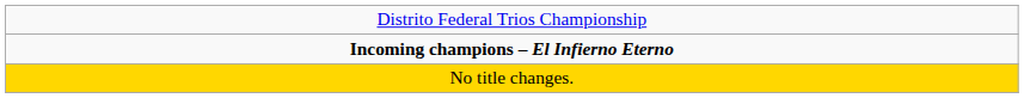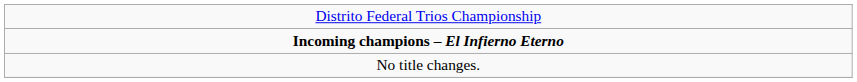 <table class="wikitable" style="text-align:center; width:100%;">
 <tr>
 <td colspan="5" style="text-align: center;"><a href='#'>Distrito Federal Trios Championship</a></td>
 </tr>
 <tr>
 <td colspan="5" style="text-align: center;"><strong>Incoming champions – <em>El Infierno Eterno</em> </strong></td>
 </tr>
 <tr>
-<td style="background: gold;">No title changes.</td>
+<td>No title changes.</td>
 </tr>
 <tr>
 </tr>
 </table>
